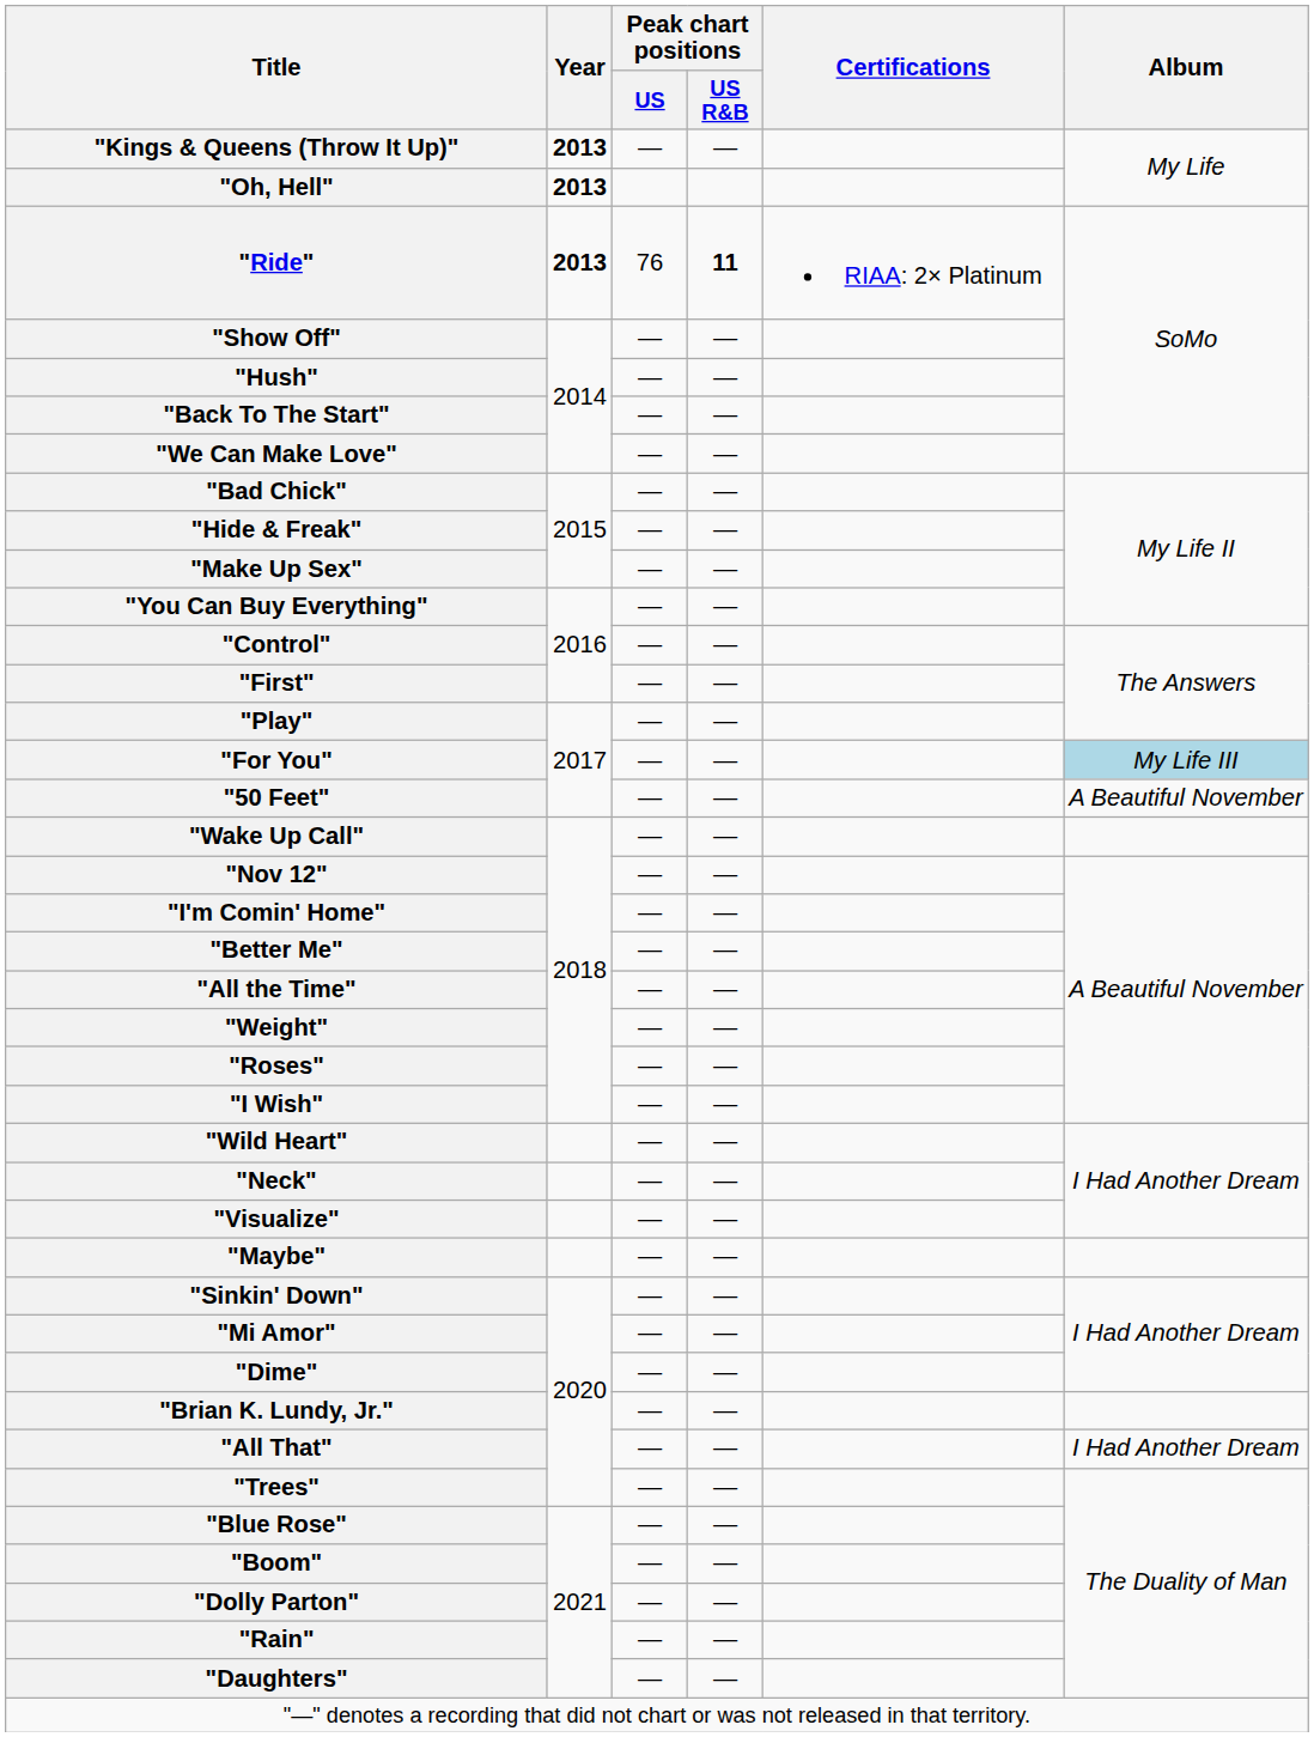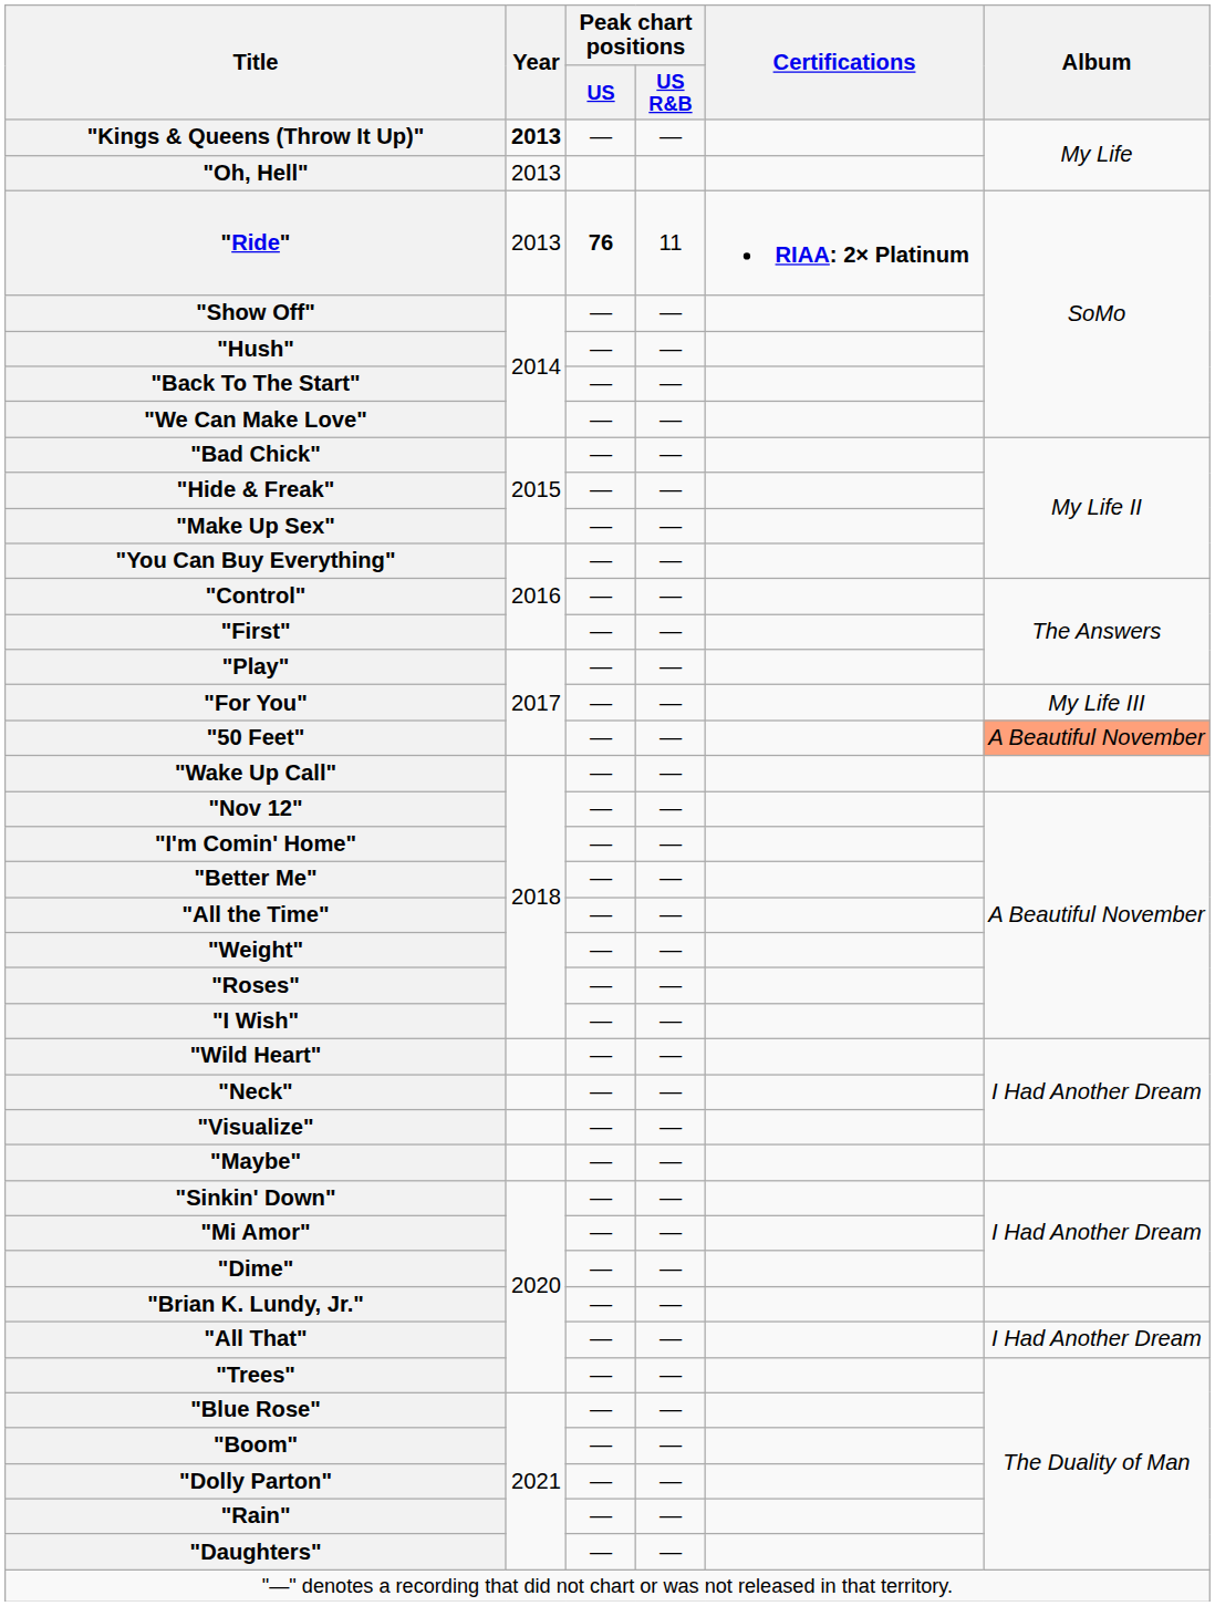 <table class="wikitable plainrowheaders" style="text-align:center;">
 <tr>
 <th scope="col" rowspan="2" style="width:22em;">Title</th>
 <th scope="col" rowspan="2">Year</th>
 <th scope="col" colspan="2">Peak chart positions</th>
 <th scope="col" rowspan="2" style="width:12em;"><a href='#'>Certifications</a></th>
 <th scope="col" rowspan="2">Album</th>
 </tr>
 <tr>
 <th scope="col" style="width:3em;font-size:90%;"><a href='#'>US</a><br></th>
 <th scope="col" style="width:3em;font-size:90%;"><a href='#'>US R&B</a><br></th>
 </tr>
 <tr>
 <th scope="row">"Kings & Queens (Throw It Up)"</th>
 <td><strong>2013</strong></td>
 <td>—</td>
 <td>—</td>
 <td></td>
 <td rowspan="2"><em>My Life</em></td>
 </tr>
 <tr>
 <th scope="row">"Oh, Hell"</th>
-<td><strong>2013</strong></td>
+<td>2013</td>
 <td></td>
 <td></td>
 <td></td>
 </tr>
 <tr>
 <th scope="row">"<a href='#'>Ride</a>"</th>
-<td><strong>2013</strong></td>
-<td>76</td>
-<td><strong>11</strong></td>
-<td><br><ul><li><a href='#'>RIAA</a>: 2× Platinum</li></ul></td>
+<td>2013</td>
+<td><strong>76</strong></td>
+<td>11</td>
+<td><strong><br><ul><li><a href='#'>RIAA</a>: 2× Platinum</li></ul></strong></td>
 <td rowspan="5"><em>SoMo</em></td>
 </tr>
 <tr>
 <th scope="row">"Show Off"</th>
 <td rowspan="4">2014</td>
 <td>—</td>
 <td>—</td>
 <td></td>
 </tr>
 <tr>
 <th scope="row">"Hush"</th>
 <td>—</td>
 <td>—</td>
 <td></td>
 </tr>
 <tr>
 <th scope="row">"Back To The Start"</th>
 <td>—</td>
 <td>—</td>
 <td></td>
 </tr>
 <tr>
 <th scope="row">"We Can Make Love"</th>
 <td>—</td>
 <td>—</td>
 <td></td>
 </tr>
 <tr>
 <th scope="row">"Bad Chick"</th>
 <td rowspan="3">2015</td>
 <td>—</td>
 <td>—</td>
 <td></td>
 <td rowspan="4"><em>My Life II</em></td>
 </tr>
 <tr>
 <th scope="row">"Hide & Freak"<br></th>
 <td>—</td>
 <td>—</td>
 <td></td>
 </tr>
 <tr>
 <th scope="row">"Make Up Sex"</th>
 <td>—</td>
 <td>—</td>
 </tr>
 <tr>
 <th scope="row">"You Can Buy Everything"</th>
 <td rowspan="3">2016</td>
 <td>—</td>
 <td>—</td>
 <td></td>
 </tr>
 <tr>
 <th scope="row">"Control"</th>
 <td>—</td>
 <td>—</td>
 <td></td>
 <td rowspan="3"><em>The Answers</em></td>
 </tr>
 <tr>
 <th scope="row">"First"</th>
 <td>—</td>
 <td>—</td>
 <td></td>
 </tr>
 <tr>
 <th scope="row">"Play"<br></th>
 <td rowspan="3">2017</td>
 <td>—</td>
 <td>—</td>
 <td></td>
 </tr>
 <tr>
 <th scope="row">"For You"</th>
 <td>—</td>
 <td>—</td>
 <td></td>
-<td style="background: lightblue;"><em>My Life III</em></td>
+<td><em>My Life III</em></td>
 </tr>
 <tr>
 <th scope="row">"50 Feet"</th>
 <td>—</td>
 <td>—</td>
 <td></td>
-<td><em>A Beautiful November</em></td>
+<td style="background: lightsalmon;"><em>A Beautiful November</em></td>
 </tr>
 <tr>
 <th scope="row">"Wake Up Call"</th>
 <td rowspan="8">2018</td>
 <td>—</td>
 <td>—</td>
 <td></td>
 <td></td>
 </tr>
 <tr>
 <th scope="row">"Nov 12"</th>
 <td>—</td>
 <td>—</td>
 <td></td>
 <td rowspan="7"><em>A Beautiful November</em></td>
 </tr>
 <tr>
 <th scope="row">"I'm Comin' Home"</th>
 <td>—</td>
 <td>—</td>
 <td></td>
 </tr>
 <tr>
 <th scope="row">"Better Me"</th>
 <td>—</td>
 <td>—</td>
 <td></td>
 </tr>
 <tr>
 <th scope="row">"All the Time"</th>
 <td>—</td>
 <td>—</td>
 <td></td>
 </tr>
 <tr>
 <th scope="row">"Weight"</th>
 <td>—</td>
 <td>—</td>
 <td></td>
 </tr>
 <tr>
 <th scope="row">"Roses"</th>
 <td>—</td>
 <td>—</td>
 <td></td>
 </tr>
 <tr>
 <th scope="row">"I Wish"</th>
 <td>—</td>
 <td>—</td>
 <td></td>
 </tr>
 <tr>
 <th scope="row">"Wild Heart"</th>
 <td></td>
 <td>—</td>
 <td>—</td>
 <td></td>
 <td rowspan="3"><em>I Had Another Dream</em></td>
 </tr>
 <tr>
 <th scope="row">"Neck"</th>
 <td></td>
 <td>—</td>
 <td>—</td>
 <td></td>
 </tr>
 <tr>
 <th scope="row">"Visualize"</th>
 <td></td>
 <td>—</td>
 <td>—</td>
 <td></td>
 </tr>
 <tr>
 <th scope="row">"Maybe"</th>
 <td></td>
 <td>—</td>
 <td>—</td>
 <td></td>
 <td></td>
 </tr>
 <tr>
 <th scope="row">"Sinkin' Down"</th>
 <td rowspan="6">2020</td>
 <td>—</td>
 <td>—</td>
 <td></td>
 <td rowspan="3"><em>I Had Another Dream</em></td>
 </tr>
 <tr>
 <th scope="row">"Mi Amor"</th>
 <td>—</td>
 <td>—</td>
 <td></td>
 </tr>
 <tr>
 <th scope="row">"Dime"</th>
 <td>—</td>
 <td>—</td>
 <td></td>
 </tr>
 <tr>
 <th scope="row">"Brian K. Lundy, Jr."</th>
 <td>—</td>
 <td>—</td>
 <td></td>
 <td></td>
 </tr>
 <tr>
 <th scope="row">"All That"</th>
 <td>—</td>
 <td>—</td>
 <td></td>
 <td><em>I Had Another Dream</em></td>
 </tr>
 <tr>
 <th scope="row">"Trees"</th>
 <td>—</td>
 <td>—</td>
 <td></td>
 <td rowspan="6"><em>The Duality of Man</em></td>
 </tr>
 <tr>
 <th scope="row">"Blue Rose"</th>
 <td rowspan="5">2021</td>
 <td>—</td>
 <td>—</td>
 <td></td>
 </tr>
 <tr>
 <th scope="row">"Boom"</th>
 <td>—</td>
 <td>—</td>
 <td></td>
 </tr>
 <tr>
 <th scope="row">"Dolly Parton"</th>
 <td>—</td>
 <td>—</td>
 <td></td>
 </tr>
 <tr>
 <th scope="row">"Rain"</th>
 <td>—</td>
 <td>—</td>
 <td></td>
 </tr>
 <tr>
 <th scope="row">"Daughters"</th>
 <td>—</td>
 <td>—</td>
 <td></td>
 </tr>
 <tr>
 <td colspan="6" style="font-size:90%">"—" denotes a recording that did not chart or was not released in that territory.</td>
 </tr>
 </table>
